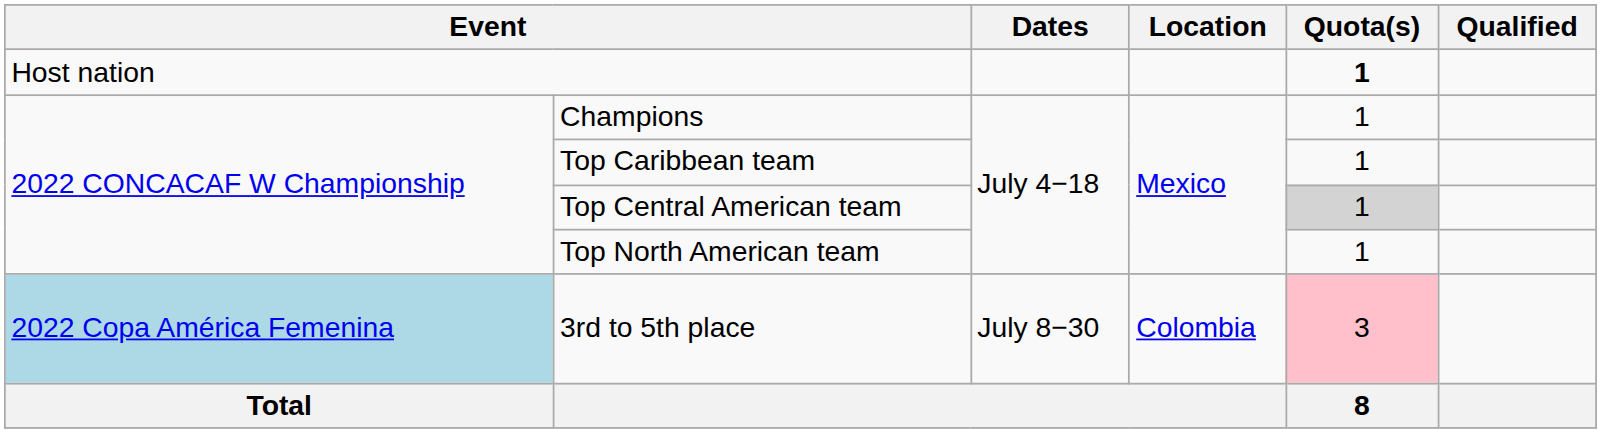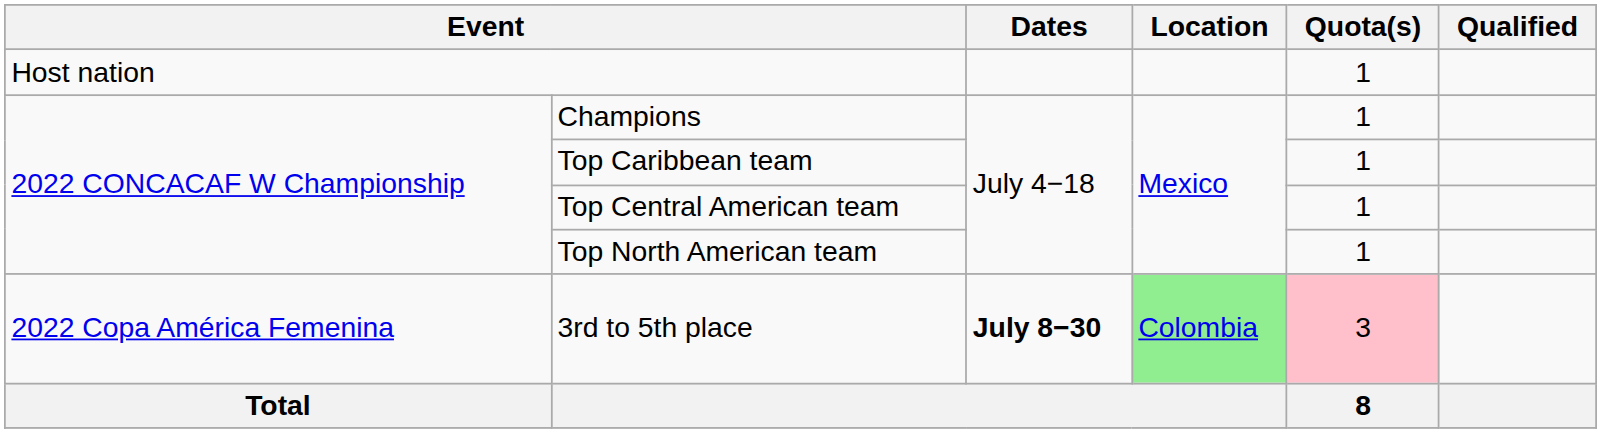 <table class="wikitable" width=900>
 <tr>
 <th colspan=2>Event</th>
 <th>Dates</th>
 <th>Location</th>
 <th>Quota(s)</th>
 <th>Qualified</th>
 </tr>
 <tr>
 <td colspan=2>Host nation</td>
 <td></td>
 <td></td>
-<td align=center><strong>1</strong></td>
+<td align=center>1</td>
 <td></td>
 </tr>
 <tr>
 <td rowspan="4"><a href='#'>2022 CONCACAF W Championship</a></td>
 <td>Champions</td>
 <td rowspan=4>July 4−18</td>
 <td rowspan=4> <a href='#'>Mexico</a></td>
 <td align=center>1</td>
 <td></td>
 </tr>
 <tr>
 <td>Top Caribbean team</td>
 <td align=center>1</td>
 <td></td>
 </tr>
 <tr>
 <td>Top Central American team</td>
-<td align=center style="background: lightgrey;">1</td>
+<td align=center>1</td>
 <td></td>
 </tr>
 <tr>
 <td>Top North American team</td>
 <td align=center>1</td>
 <td><s></s><br></td>
 </tr>
 <tr>
-<td style="background: lightblue;"><a href='#'>2022 Copa América Femenina</a></td>
+<td><a href='#'>2022 Copa América Femenina</a></td>
 <td>3rd to 5th place</td>
-<td>July 8−30</td>
-<td> <a href='#'>Colombia</a></td>
+<td><strong>July 8−30</strong></td>
+<td style="background: lightgreen;"> <a href='#'>Colombia</a></td>
 <td align=center style="background: pink;">3</td>
 <td><br><br><s></s><br></td>
 </tr>
 <tr>
 <th>Total</th>
 <th colspan="3"></th>
 <th>8</th>
 <th></th>
 </tr>
 </table>
